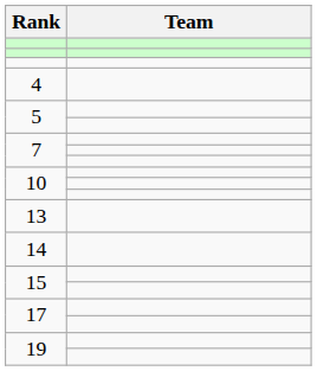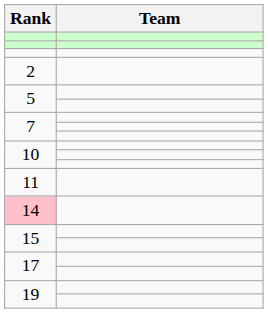 <table class="wikitable" style="text-align:center;">
 <tr>
 <th width=40>Rank</th>
 <th width=180>Team</th>
 </tr>
 <tr bgcolor=#ccffcc>
 <td></td>
 <td style="text-align:left;"></td>
 </tr>
 <tr bgcolor=#ccffcc>
 <td></td>
 <td style="text-align:left;"></td>
 </tr>
 <tr>
 <td></td>
 <td style="text-align:left;"></td>
 </tr>
 <tr>
-<td>4</td>
+<td>2</td>
 <td style="text-align:left;"></td>
 </tr>
 <tr>
 <td rowspan=2>5</td>
 <td style="text-align:left;"></td>
 </tr>
 <tr>
 <td style="text-align:left;"></td>
 </tr>
 <tr>
 <td rowspan=3>7</td>
 <td style="text-align:left;"></td>
 </tr>
 <tr>
 <td style="text-align:left;"></td>
 </tr>
 <tr>
 <td style="text-align:left;"></td>
 </tr>
 <tr>
 <td rowspan=3>10</td>
 <td style="text-align:left;"></td>
 </tr>
 <tr>
 <td style="text-align:left;"></td>
 </tr>
 <tr>
 <td style="text-align:left;"></td>
 </tr>
 <tr>
-<td>13</td>
+<td>11</td>
 <td style="text-align:left;"></td>
 </tr>
 <tr>
-<td>14</td>
+<td style="background: pink;">14</td>
 <td style="text-align:left;"></td>
 </tr>
 <tr>
 <td rowspan=2>15</td>
 <td style="text-align:left;"></td>
 </tr>
 <tr>
 <td style="text-align:left;"></td>
 </tr>
 <tr>
 <td rowspan=2>17</td>
 <td style="text-align:left;"></td>
 </tr>
 <tr>
 <td style="text-align:left;"></td>
 </tr>
 <tr>
 <td rowspan=2>19</td>
 <td style="text-align:left;"></td>
 </tr>
 <tr>
 <td style="text-align:left;"></td>
 </tr>
 </table>
